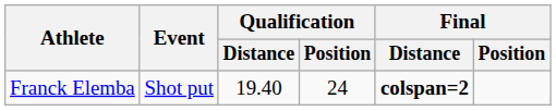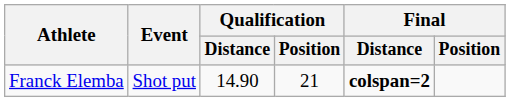 <table class=wikitable style="font-size:90%">
 <tr>
 <th rowspan="2">Athlete</th>
 <th rowspan="2">Event</th>
 <th colspan="2">Qualification</th>
 <th colspan="2">Final</th>
 </tr>
 <tr style="font-size:95%">
 <th>Distance</th>
 <th>Position</th>
 <th>Distance</th>
 <th>Position</th>
 </tr>
 <tr style=text-align:center>
 <td style=text-align:left><a href='#'>Franck Elemba</a></td>
 <td style=text-align:left><a href='#'>Shot put</a></td>
-<td>19.40</td>
-<td>24</td>
+<td>14.90</td>
+<td>21</td>
 <td><strong>colspan=2 </strong></td>
 </tr>
 </table>
